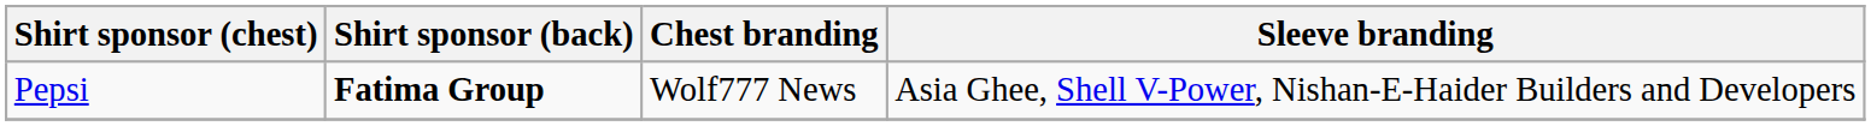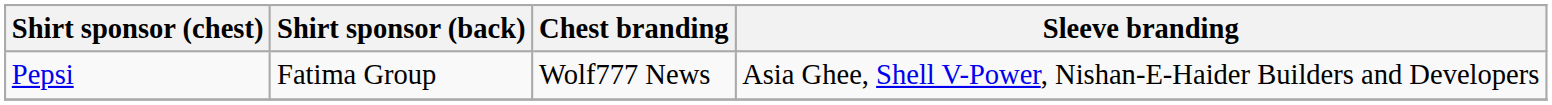 <table class="wikitable"  style="font-size:85%;">
 <tr>
 <th>Shirt sponsor (chest)</th>
 <th>Shirt sponsor (back)</th>
 <th>Chest branding</th>
 <th>Sleeve branding</th>
 </tr>
 <tr>
 <td><a href='#'>Pepsi</a></td>
-<td><strong>Fatima Group</strong></td>
+<td>Fatima Group</td>
 <td>Wolf777 News</td>
 <td>Asia Ghee, <a href='#'>Shell V-Power</a>, Nishan-E-Haider Builders and Developers</td>
 </tr>
 <tr>
 </tr>
 </table>
